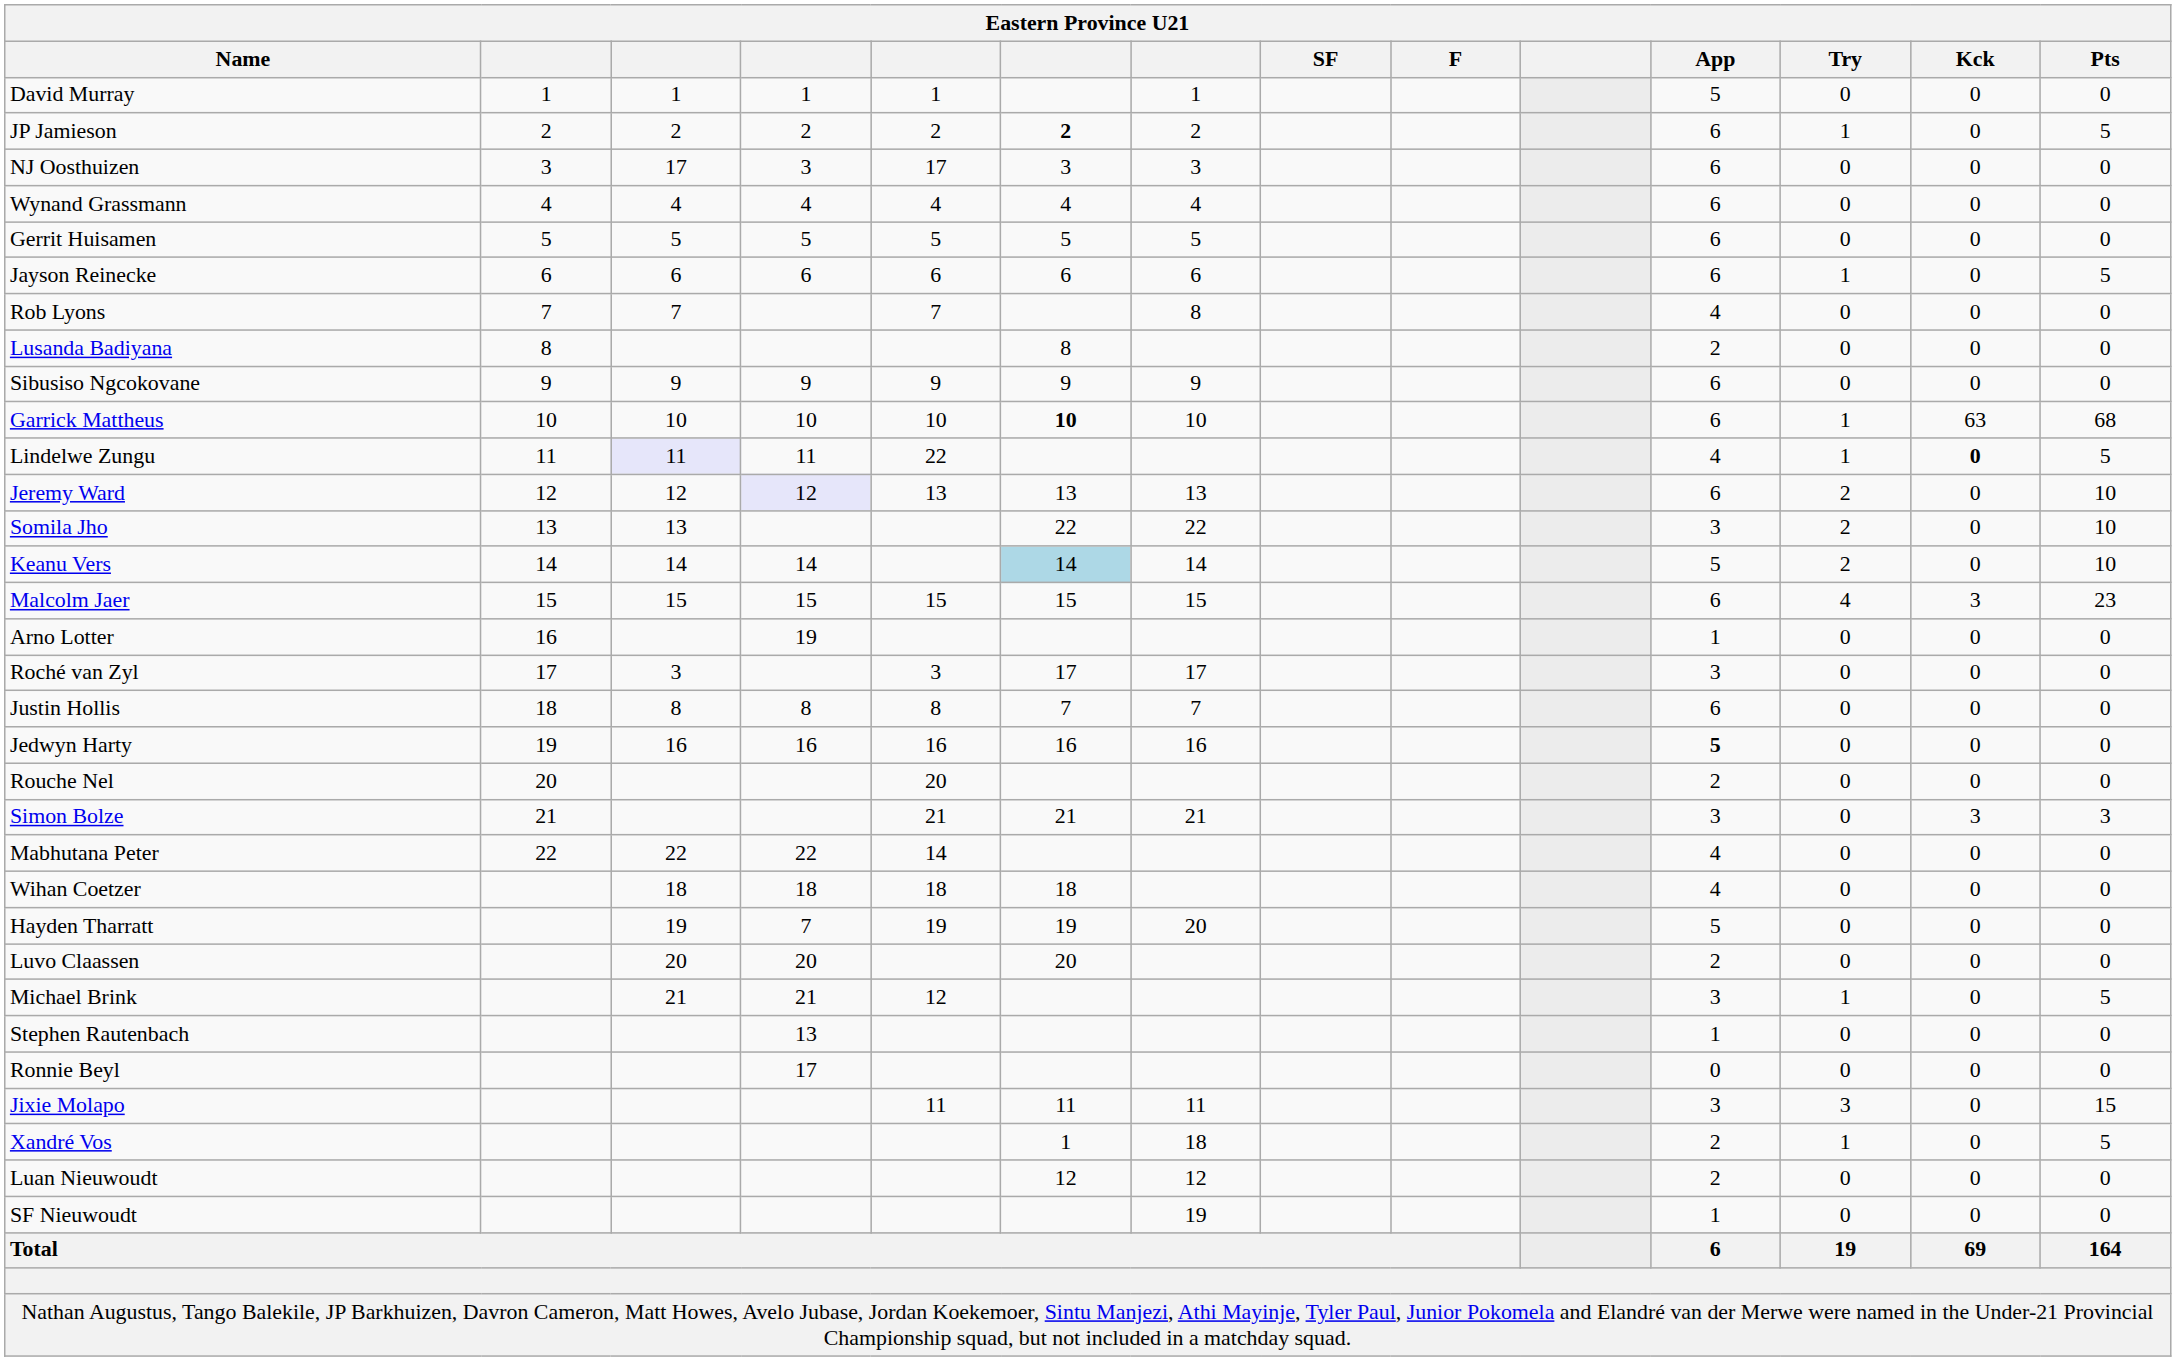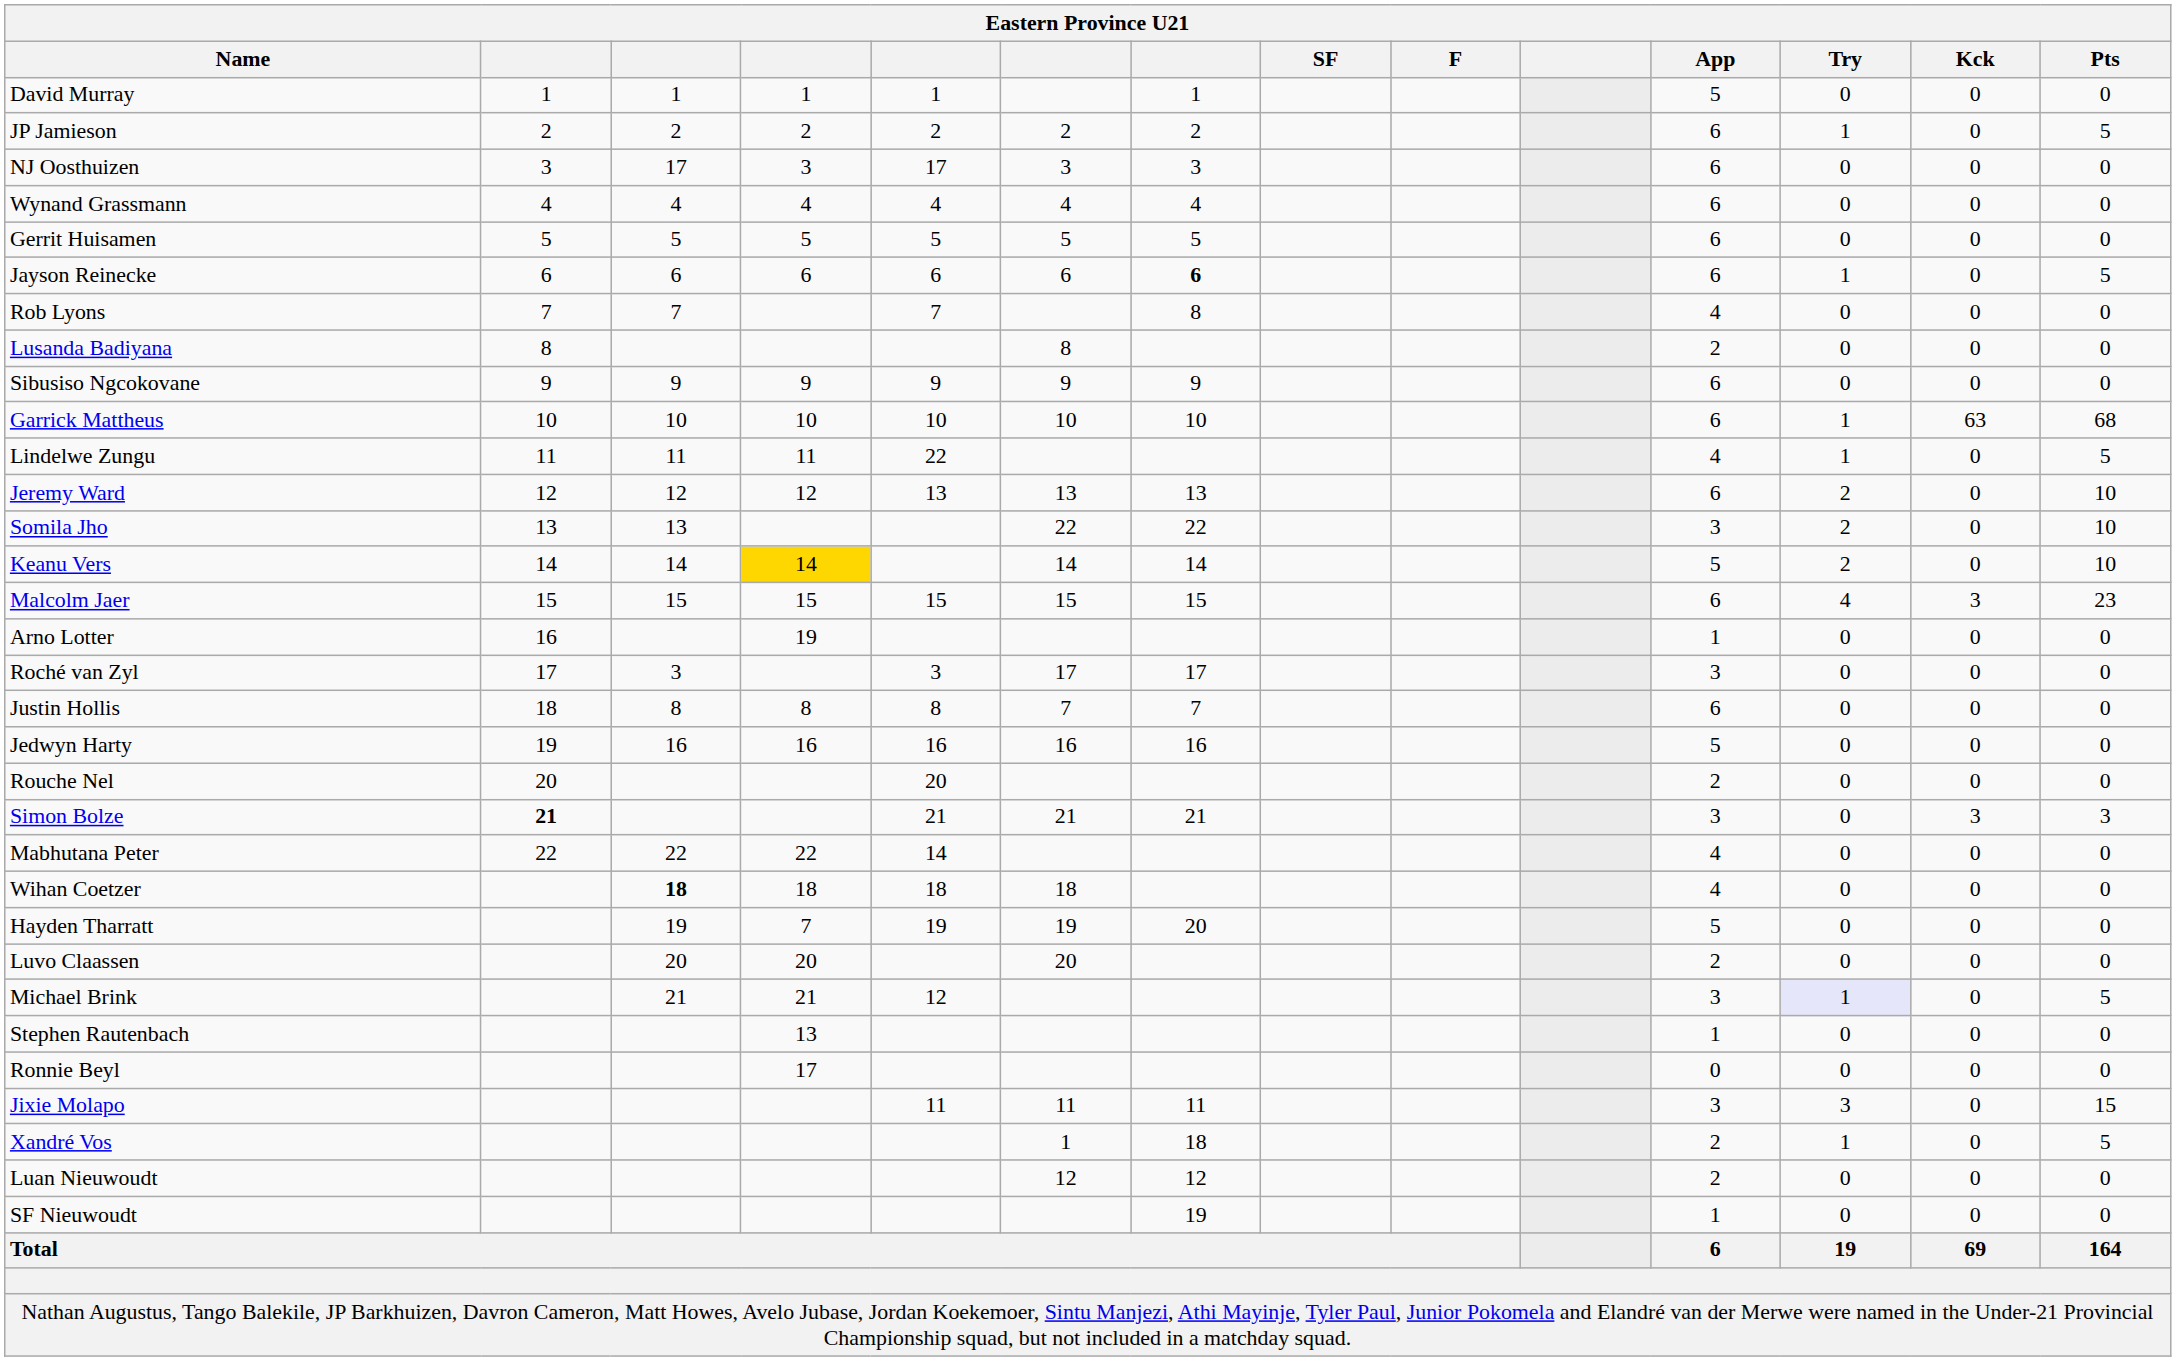 <table class="wikitable sortable" style="text-align:center; font-size:90%; width:90%">
 <tr>
 <th colspan="100%">Eastern Province U21</th>
 </tr>
 <tr>
 <th style="width:22%;">Name</th>
 <th style="width:6%;"></th>
 <th style="width:6%;"></th>
 <th style="width:6%;"></th>
 <th style="width:6%;"></th>
 <th style="width:6%;"></th>
 <th style="width:6%;"></th>
 <th style="width:6%;">SF</th>
 <th style="width:6%;">F</th>
 <th style="width:6%;"></th>
 <th style="width:6%;">App</th>
 <th style="width:6%;">Try</th>
 <th style="width:6%;">Kck</th>
 <th style="width:6%;">Pts</th>
 </tr>
 <tr>
 <td style="text-align:left;">David Murray</td>
 <td>1</td>
 <td>1</td>
 <td>1</td>
 <td>1</td>
 <td></td>
 <td>1</td>
 <td></td>
 <td></td>
 <td style="background:#ECECEC;"></td>
 <td>5</td>
 <td>0</td>
 <td>0</td>
 <td>0</td>
 </tr>
 <tr>
 <td style="text-align:left;">JP Jamieson</td>
 <td>2</td>
 <td>2</td>
 <td>2</td>
 <td>2</td>
-<td><strong>2</strong></td>
+<td>2</td>
 <td>2</td>
 <td></td>
 <td></td>
 <td style="background:#ECECEC;"></td>
 <td>6</td>
 <td>1</td>
 <td>0</td>
 <td>5</td>
 </tr>
 <tr>
 <td style="text-align:left;">NJ Oosthuizen</td>
 <td>3</td>
 <td>17 </td>
 <td>3</td>
 <td>17 </td>
 <td>3</td>
 <td>3</td>
 <td></td>
 <td></td>
 <td style="background:#ECECEC;"></td>
 <td>6</td>
 <td>0</td>
 <td>0</td>
 <td>0</td>
 </tr>
 <tr>
 <td style="text-align:left;">Wynand Grassmann</td>
 <td>4</td>
 <td>4</td>
 <td>4</td>
 <td>4</td>
 <td>4</td>
 <td>4</td>
 <td></td>
 <td></td>
 <td style="background:#ECECEC;"></td>
 <td>6</td>
 <td>0</td>
 <td>0</td>
 <td>0</td>
 </tr>
 <tr>
 <td style="text-align:left;">Gerrit Huisamen</td>
 <td>5</td>
 <td>5</td>
 <td>5</td>
 <td>5</td>
 <td>5</td>
 <td>5</td>
 <td></td>
 <td></td>
 <td style="background:#ECECEC;"></td>
 <td>6</td>
 <td>0</td>
 <td>0</td>
 <td>0</td>
 </tr>
 <tr>
 <td style="text-align:left;">Jayson Reinecke</td>
 <td>6</td>
 <td>6</td>
 <td>6</td>
 <td>6</td>
 <td>6</td>
-<td>6</td>
+<td><strong>6</strong></td>
 <td></td>
 <td></td>
 <td style="background:#ECECEC;"></td>
 <td>6</td>
 <td>1</td>
 <td>0</td>
 <td>5</td>
 </tr>
 <tr>
 <td style="text-align:left;">Rob Lyons</td>
 <td>7</td>
 <td>7</td>
 <td></td>
 <td>7</td>
 <td></td>
 <td>8</td>
 <td></td>
 <td></td>
 <td style="background:#ECECEC;"></td>
 <td>4</td>
 <td>0</td>
 <td>0</td>
 <td>0</td>
 </tr>
 <tr>
 <td style="text-align:left;"><a href='#'>Lusanda Badiyana</a></td>
 <td>8</td>
 <td></td>
 <td></td>
 <td></td>
 <td>8</td>
 <td></td>
 <td></td>
 <td></td>
 <td style="background:#ECECEC;"></td>
 <td>2</td>
 <td>0</td>
 <td>0</td>
 <td>0</td>
 </tr>
 <tr>
 <td style="text-align:left;">Sibusiso Ngcokovane</td>
 <td>9</td>
 <td>9</td>
 <td>9</td>
 <td>9</td>
 <td>9</td>
 <td>9</td>
 <td></td>
 <td></td>
 <td style="background:#ECECEC;"></td>
 <td>6</td>
 <td>0</td>
 <td>0</td>
 <td>0</td>
 </tr>
 <tr>
 <td style="text-align:left;"><a href='#'>Garrick Mattheus</a></td>
 <td>10</td>
 <td>10</td>
 <td>10</td>
 <td>10</td>
-<td><strong>10</strong></td>
+<td>10</td>
 <td>10</td>
 <td></td>
 <td></td>
 <td style="background:#ECECEC;"></td>
 <td>6</td>
 <td>1</td>
 <td>63</td>
 <td>68</td>
 </tr>
 <tr>
 <td style="text-align:left;">Lindelwe Zungu</td>
 <td>11</td>
-<td style="background: lavender;">11</td>
+<td>11</td>
 <td>11</td>
 <td>22 </td>
 <td></td>
 <td></td>
 <td></td>
 <td></td>
 <td style="background:#ECECEC;"></td>
 <td>4</td>
 <td>1</td>
-<td><strong>0</strong></td>
+<td>0</td>
 <td>5</td>
 </tr>
 <tr>
 <td style="text-align:left;"><a href='#'>Jeremy Ward</a></td>
 <td>12</td>
 <td>12</td>
-<td style="background: lavender;">12</td>
+<td>12</td>
 <td>13</td>
 <td>13</td>
 <td>13</td>
 <td></td>
 <td></td>
 <td style="background:#ECECEC;"></td>
 <td>6</td>
 <td>2</td>
 <td>0</td>
 <td>10</td>
 </tr>
 <tr>
 <td style="text-align:left;"><a href='#'>Somila Jho</a></td>
 <td>13</td>
 <td>13</td>
 <td></td>
 <td></td>
 <td>22</td>
 <td>22 </td>
 <td></td>
 <td></td>
 <td style="background:#ECECEC;"></td>
 <td>3</td>
 <td>2</td>
 <td>0</td>
 <td>10</td>
 </tr>
 <tr>
 <td style="text-align:left;"><a href='#'>Keanu Vers</a></td>
 <td>14</td>
 <td>14</td>
+<td style="background: gold;">14</td>
+<td></td>
 <td>14</td>
-<td></td>
-<td style="background: lightblue;">14</td>
 <td>14</td>
 <td></td>
 <td></td>
 <td style="background:#ECECEC;"></td>
 <td>5</td>
 <td>2</td>
 <td>0</td>
 <td>10</td>
 </tr>
 <tr>
 <td style="text-align:left;"><a href='#'>Malcolm Jaer</a></td>
 <td>15</td>
 <td>15</td>
 <td>15</td>
 <td>15</td>
 <td>15</td>
 <td>15</td>
 <td></td>
 <td></td>
 <td style="background:#ECECEC;"></td>
 <td>6</td>
 <td>4</td>
 <td>3</td>
 <td>23</td>
 </tr>
 <tr>
 <td style="text-align:left;">Arno Lotter</td>
 <td>16 </td>
 <td></td>
 <td>19</td>
 <td></td>
 <td></td>
 <td></td>
 <td></td>
 <td></td>
 <td style="background:#ECECEC;"></td>
 <td>1</td>
 <td>0</td>
 <td>0</td>
 <td>0</td>
 </tr>
 <tr>
 <td style="text-align:left;">Roché van Zyl</td>
 <td>17 </td>
 <td>3</td>
 <td></td>
 <td>3</td>
 <td>17</td>
 <td>17</td>
 <td></td>
 <td></td>
 <td style="background:#ECECEC;"></td>
 <td>3</td>
 <td>0</td>
 <td>0</td>
 <td>0</td>
 </tr>
 <tr>
 <td style="text-align:left;">Justin Hollis</td>
 <td>18 </td>
 <td>8</td>
 <td>8</td>
 <td>8</td>
 <td>7</td>
 <td>7</td>
 <td></td>
 <td></td>
 <td style="background:#ECECEC;"></td>
 <td>6</td>
 <td>0</td>
 <td>0</td>
 <td>0</td>
 </tr>
 <tr>
 <td style="text-align:left;">Jedwyn Harty</td>
 <td>19 </td>
 <td>16 </td>
 <td>16 </td>
 <td>16 </td>
 <td>16 </td>
 <td>16</td>
 <td></td>
 <td></td>
 <td style="background:#ECECEC;"></td>
-<td><strong>5</strong></td>
+<td>5</td>
 <td>0</td>
 <td>0</td>
 <td>0</td>
 </tr>
 <tr>
 <td style="text-align:left;">Rouche Nel</td>
 <td>20 </td>
 <td></td>
 <td></td>
 <td>20 </td>
 <td></td>
 <td></td>
 <td></td>
 <td></td>
 <td style="background:#ECECEC;"></td>
 <td>2</td>
 <td>0</td>
 <td>0</td>
 <td>0</td>
 </tr>
 <tr>
 <td style="text-align:left;"><a href='#'>Simon Bolze</a></td>
-<td>21 </td>
+<td><strong>21 </strong></td>
 <td></td>
 <td></td>
 <td>21 </td>
 <td>21</td>
 <td>21 </td>
 <td></td>
 <td></td>
 <td style="background:#ECECEC;"></td>
 <td>3</td>
 <td>0</td>
 <td>3</td>
 <td>3</td>
 </tr>
 <tr>
 <td style="text-align:left;">Mabhutana Peter</td>
 <td>22 </td>
 <td>22 </td>
 <td>22 </td>
 <td>14</td>
 <td></td>
 <td></td>
 <td></td>
 <td></td>
 <td style="background:#ECECEC;"></td>
 <td>4</td>
 <td>0</td>
 <td>0</td>
 <td>0</td>
 </tr>
 <tr>
 <td style="text-align:left;">Wihan Coetzer</td>
 <td></td>
-<td>18 </td>
+<td><strong>18 </strong></td>
 <td>18 </td>
 <td>18 </td>
 <td>18 </td>
 <td></td>
 <td></td>
 <td></td>
 <td style="background:#ECECEC;"></td>
 <td>4</td>
 <td>0</td>
 <td>0</td>
 <td>0</td>
 </tr>
 <tr>
 <td style="text-align:left;">Hayden Tharratt</td>
 <td></td>
 <td>19 </td>
 <td>7</td>
 <td>19 </td>
 <td>19 </td>
 <td>20 </td>
 <td></td>
 <td></td>
 <td style="background:#ECECEC;"></td>
 <td>5</td>
 <td>0</td>
 <td>0</td>
 <td>0</td>
 </tr>
 <tr>
 <td style="text-align:left;">Luvo Claassen</td>
 <td></td>
 <td>20 </td>
 <td>20 </td>
 <td></td>
 <td>20</td>
 <td></td>
 <td></td>
 <td></td>
 <td style="background:#ECECEC;"></td>
 <td>2</td>
 <td>0</td>
 <td>0</td>
 <td>0</td>
 </tr>
 <tr>
 <td style="text-align:left;">Michael Brink</td>
 <td></td>
 <td>21 </td>
 <td>21 </td>
 <td>12</td>
 <td></td>
 <td></td>
 <td></td>
 <td></td>
 <td style="background:#ECECEC;"></td>
 <td>3</td>
-<td>1</td>
+<td style="background: lavender;">1</td>
 <td>0</td>
 <td>5</td>
 </tr>
 <tr>
 <td style="text-align:left;">Stephen Rautenbach</td>
 <td></td>
 <td></td>
 <td>13</td>
 <td></td>
 <td></td>
 <td></td>
 <td></td>
 <td></td>
 <td style="background:#ECECEC;"></td>
 <td>1</td>
 <td>0</td>
 <td>0</td>
 <td>0</td>
 </tr>
 <tr>
 <td style="text-align:left;">Ronnie Beyl</td>
 <td></td>
 <td></td>
 <td>17</td>
 <td></td>
 <td></td>
 <td></td>
 <td></td>
 <td></td>
 <td style="background:#ECECEC;"></td>
 <td>0</td>
 <td>0</td>
 <td>0</td>
 <td>0</td>
 </tr>
 <tr>
 <td style="text-align:left;"><a href='#'>Jixie Molapo</a></td>
 <td></td>
 <td></td>
 <td></td>
 <td>11</td>
 <td>11</td>
 <td>11</td>
 <td></td>
 <td></td>
 <td style="background:#ECECEC;"></td>
 <td>3</td>
 <td>3</td>
 <td>0</td>
 <td>15</td>
 </tr>
 <tr>
 <td style="text-align:left;"><a href='#'>Xandré Vos</a></td>
 <td></td>
 <td></td>
 <td></td>
 <td></td>
 <td>1</td>
 <td>18 </td>
 <td></td>
 <td></td>
 <td style="background:#ECECEC;"></td>
 <td>2</td>
 <td>1</td>
 <td>0</td>
 <td>5</td>
 </tr>
 <tr>
 <td style="text-align:left;">Luan Nieuwoudt</td>
 <td></td>
 <td></td>
 <td></td>
 <td></td>
 <td>12</td>
 <td>12</td>
 <td></td>
 <td></td>
 <td style="background:#ECECEC;"></td>
 <td>2</td>
 <td>0</td>
 <td>0</td>
 <td>0</td>
 </tr>
 <tr>
 <td style="text-align:left;">SF Nieuwoudt</td>
 <td></td>
 <td></td>
 <td></td>
 <td></td>
 <td></td>
 <td>19 </td>
 <td></td>
 <td></td>
 <td style="background:#ECECEC;"></td>
 <td>1</td>
 <td>0</td>
 <td>0</td>
 <td>0</td>
 </tr>
 <tr>
 <th colspan="9" style="text-align:left;">Total</th>
 <th style="background:#ECECEC;"></th>
 <th>6</th>
 <th>19</th>
 <th>69</th>
 <th>164</th>
 </tr>
 <tr>
 <th colspan="100%" style="height: 10px;"></th>
 </tr>
 <tr>
 <th colspan="100%" style="text-align:center; font-weight:normal;">Nathan Augustus, Tango Balekile, JP Barkhuizen, Davron Cameron, Matt Howes, Avelo Jubase, Jordan Koekemoer, <a href='#'>Sintu Manjezi</a>, <a href='#'>Athi Mayinje</a>, <a href='#'>Tyler Paul</a>, <a href='#'>Junior Pokomela</a> and Elandré van der Merwe were named in the Under-21 Provincial Championship squad, but not included in a matchday squad.</th>
 </tr>
 </table>
